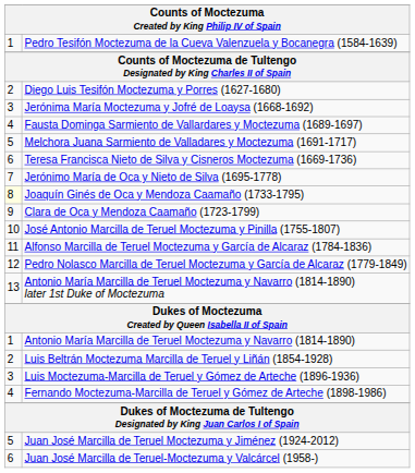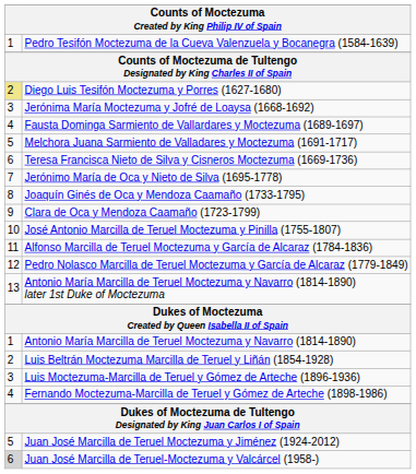 <table class="wikitable">
 <tr>
 </tr>
 <tr bgcolor="#dddddd" |>
 <th colspan="2">Counts of Moctezuma<br><small><em>Created by King <a href='#'>Philip IV of Spain</a></em></small></th>
 </tr>
 <tr>
 <td>1</td>
 <td><a href='#'>Pedro Tesifón Moctezuma de la Cueva Valenzuela y Bocanegra</a> (1584-1639)</td>
 </tr>
 <tr>
 </tr>
 <tr bgcolor="#dddddd" |>
 <th colspan="2">Counts of Moctezuma de Tultengo<br><small><em>Designated by King <a href='#'>Charles II of Spain</a></em></small></th>
 </tr>
 <tr>
-<td>2</td>
+<td style="background: khaki;">2</td>
 <td><a href='#'>Diego Luis Tesifón Moctezuma y Porres</a> (1627-1680)</td>
 </tr>
 <tr>
 <td>3</td>
 <td><a href='#'>Jerónima María Moctezuma y Jofré de Loaysa</a> (1668-1692)</td>
 </tr>
 <tr>
 <td>4</td>
 <td><a href='#'>Fausta Dominga Sarmiento de Vallardares y Moctezuma</a> (1689-1697)</td>
 </tr>
 <tr>
 <td>5</td>
 <td><a href='#'>Melchora Juana Sarmiento de Valladares y Moctezuma</a> (1691-1717)</td>
 </tr>
 <tr>
 <td>6</td>
 <td><a href='#'>Teresa Francisca Nieto de Silva y Cisneros Moctezuma</a> (1669-1736)</td>
 </tr>
 <tr>
 <td>7</td>
 <td><a href='#'>Jerónimo María de Oca y Nieto de Silva</a> (1695-1778)</td>
 </tr>
 <tr>
-<td style="background: lightyellow;">8</td>
+<td>8</td>
 <td><a href='#'>Joaquín Ginés de Oca y Mendoza Caamaño</a> (1733-1795)</td>
 </tr>
 <tr>
 <td>9</td>
 <td><a href='#'>Clara de Oca y Mendoza Caamaño</a> (1723-1799)</td>
 </tr>
 <tr>
 <td>10</td>
 <td><a href='#'>José Antonio Marcilla de Teruel Moctezuma y Pinilla</a> (1755-1807)</td>
 </tr>
 <tr>
 <td>11</td>
 <td><a href='#'>Alfonso Marcilla de Teruel Moctezuma y García de Alcaraz</a> (1784-1836)</td>
 </tr>
 <tr>
 <td>12</td>
 <td><a href='#'>Pedro Nolasco Marcilla de Teruel Moctezuma y García de Alcaraz</a> (1779-1849)</td>
 </tr>
 <tr>
 <td>13</td>
 <td><a href='#'>Antonio María Marcilla de Teruel Moctezuma y Navarro</a> (1814-1890)<br><em>later 1st Duke of Moctezuma</em></td>
 </tr>
 <tr>
 </tr>
 <tr bgcolor="#dddddd" |>
 <th colspan="3">Dukes of Moctezuma<br><small><em>Created by Queen <a href='#'>Isabella II of Spain</a></em></small></th>
 </tr>
 <tr>
 <td>1</td>
 <td><a href='#'>Antonio María Marcilla de Teruel Moctezuma y Navarro</a> (1814-1890)</td>
 </tr>
 <tr>
 <td>2</td>
 <td><a href='#'>Luis Beltrán Moctezuma Marcilla de Teruel y Liñán</a> (1854-1928)</td>
 </tr>
 <tr>
 <td>3</td>
 <td><a href='#'>Luis Moctezuma-Marcilla de Teruel y Gómez de Arteche</a> (1896-1936)</td>
 </tr>
 <tr>
 <td>4</td>
 <td><a href='#'>Fernando Moctezuma-Marcilla de Teruel y Gómez de Arteche</a> (1898-1986)</td>
 </tr>
 <tr>
 </tr>
 <tr bgcolor="#dddddd" |>
 <th colspan="3">Dukes of Moctezuma de Tultengo<br><small><em>Designated by King <a href='#'>Juan Carlos I of Spain</a></em></small></th>
 </tr>
 <tr>
 <td>5</td>
 <td><a href='#'>Juan José Marcilla de Teruel Moctezuma y Jiménez</a> (1924-2012)</td>
 </tr>
 <tr>
-<td>6</td>
+<td style="background: lightgrey;">6</td>
 <td><a href='#'>Juan José Marcilla de Teruel-Moctezuma y Valcárcel</a> (1958-)</td>
 </tr>
 </table>
